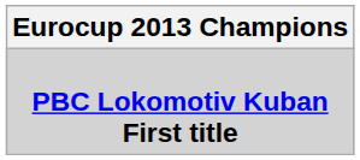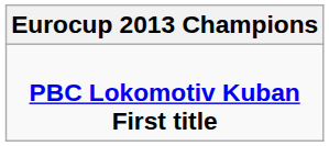 <table class=wikitable style="text-align:center; margin:auto">
 <tr>
 <th>Eurocup 2013 Champions</th>
 </tr>
 <tr>
-<td style="background: lightgrey;"><br> <strong><a href='#'>PBC Lokomotiv Kuban</a></strong> <br> <strong>First title</strong></td>
+<td><br> <strong><a href='#'>PBC Lokomotiv Kuban</a></strong> <br> <strong>First title</strong></td>
 </tr>
 </table>
